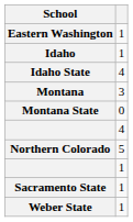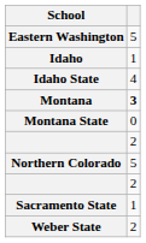 <table class="wikitable sortable" style="text-align: center;">
 <tr>
 <th>School</th>
 <th></th>
 </tr>
 <tr>
 <th style=>Eastern Washington</th>
-<td>1</td>
+<td>5</td>
 </tr>
 <tr>
 <th style=>Idaho</th>
 <td>1</td>
 </tr>
 <tr>
 <th style=>Idaho State</th>
 <td>4</td>
 </tr>
 <tr>
 <th style=>Montana</th>
-<td>3</td>
+<td><strong>3</strong></td>
 </tr>
 <tr>
 <th style=>Montana State</th>
 <td>0</td>
 </tr>
 <tr>
 <th style=></th>
-<td>4</td>
+<td>2</td>
 </tr>
 <tr>
 <th style=>Northern Colorado</th>
 <td>5</td>
 </tr>
 <tr>
 <th style=><br></th>
-<td>1</td>
+<td>2</td>
 </tr>
 <tr>
 <th style=>Sacramento State</th>
 <td>1</td>
 </tr>
 <tr>
 <th style=>Weber State</th>
-<td>1</td>
+<td>2</td>
 </tr>
 </table>
